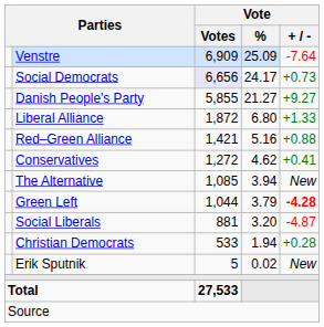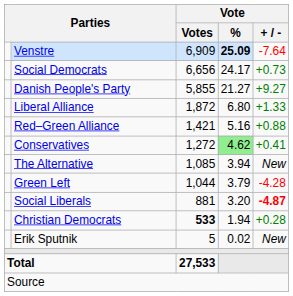 <table class="wikitable" style="text-align:right;">
 <tr>
 <th style="text-align:centre;" rowspan="2" colspan="2" width="225">Parties</th>
 <th colspan="3">Vote</th>
 </tr>
 <tr>
 <th width="15">Votes</th>
 <th width="15">%</th>
 <th width="15">+ / -</th>
 </tr>
 <tr>
 <td width="2" style="color:inherit;background:"></td>
 <td bgcolor=#cfe5fe  align="left"><a href='#'>Venstre</a></td>
 <td bgcolor=#cfe5fe>6,909</td>
-<td bgcolor=#cfe5fe>25.09</td>
+<td bgcolor=#cfe5fe><strong>25.09</strong></td>
 <td style=color:red;>-7.64</td>
 </tr>
 <tr>
 <td width="2" style="color:inherit;background:"></td>
 <td align="left"><a href='#'>Social Democrats</a></td>
-<td style="background: lavender;">6,656</td>
+<td>6,656</td>
 <td>24.17</td>
 <td style=color:green;>+0.73</td>
 </tr>
 <tr>
 <td width="2" style="color:inherit;background:"></td>
 <td align="left"><a href='#'>Danish People's Party</a></td>
 <td>5,855</td>
 <td>21.27</td>
 <td style=color:green;>+9.27</td>
 </tr>
 <tr>
 <td width="2" style="color:inherit;background:"></td>
 <td align="left"><a href='#'>Liberal Alliance</a></td>
 <td>1,872</td>
 <td>6.80</td>
 <td style=color:green;>+1.33</td>
 </tr>
 <tr>
 <td width="2" style="color:inherit;background:"></td>
 <td align="left"><a href='#'>Red–Green Alliance</a></td>
 <td>1,421</td>
 <td>5.16</td>
 <td style=color:green;>+0.88</td>
 </tr>
 <tr>
 <td width="2" style="color:inherit;background:"></td>
 <td align="left"><a href='#'>Conservatives</a></td>
 <td>1,272</td>
-<td>4.62</td>
+<td style="background: lightgreen;">4.62</td>
 <td style=color:green;>+0.41</td>
 </tr>
 <tr>
 <td width="2" style="color:inherit;background:"></td>
 <td align="left"><a href='#'>The Alternative</a></td>
 <td>1,085</td>
 <td>3.94</td>
 <td><em>New</em></td>
 </tr>
 <tr>
 <td width="2" style="color:inherit;background:"></td>
 <td align="left"><a href='#'>Green Left</a></td>
 <td>1,044</td>
 <td>3.79</td>
-<td style=color:red;><strong>-4.28</strong></td>
+<td style=color:red;>-4.28</td>
 </tr>
 <tr>
 <td width="2" style="color:inherit;background:"></td>
 <td align="left"><a href='#'>Social Liberals</a></td>
 <td>881</td>
 <td>3.20</td>
-<td style=color:red;>-4.87</td>
+<td style=color:red;><strong>-4.87</strong></td>
 </tr>
 <tr>
 <td width="2" style="color:inherit;background:"></td>
 <td align="left"><a href='#'>Christian Democrats</a></td>
-<td>533</td>
+<td><strong>533</strong></td>
 <td>1.94</td>
 <td style=color:green;>+0.28</td>
 </tr>
 <tr>
 <td width="2" style="color:inherit;background:"></td>
 <td align="left">Erik Sputnik</td>
 <td>5</td>
 <td>0.02</td>
 <td><em>New</em></td>
 </tr>
 <tr>
 <td colspan="7" bgcolor="#E9E9E9"></td>
 </tr>
 <tr>
 <td align="left" colspan="2"><strong>Total</strong></td>
 <td><strong>27,533</strong></td>
 <td bgcolor="#E9E9E9" colspan="2"></td>
 </tr>
 <tr>
 <td align="left" colspan="6">Source</td>
 </tr>
 </table>
